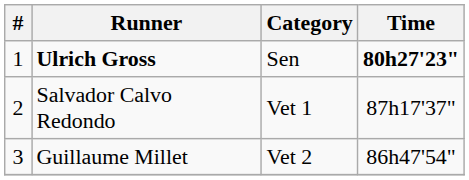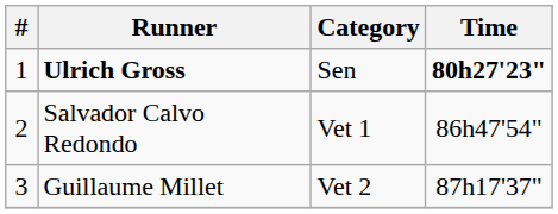 <table class="wikitable" style="font-size:95%;width:320px;">
 <tr>
 <th width=6%>#</th>
 <th width=54%>Runner</th>
 <th width=20%>Category</th>
 <th width=20%>Time</th>
 </tr>
 <tr>
 <td align=center>1</td>
 <td> <strong>Ulrich Gross</strong></td>
 <td>Sen</td>
 <td align=center><strong>80h27'23"</strong></td>
 </tr>
 <tr>
 <td align=center>2</td>
 <td> Salvador Calvo Redondo</td>
 <td>Vet 1</td>
-<td align=center>87h17'37"</td>
+<td align=center>86h47'54"</td>
 </tr>
 <tr>
 <td align=center>3</td>
 <td> Guillaume Millet</td>
 <td>Vet 2</td>
-<td align=center>86h47'54"</td>
+<td align=center>87h17'37"</td>
 </tr>
 <tr>
 </tr>
 </table>
